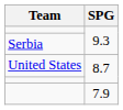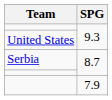 <table class=wikitable>
 <tr>
 <th>Team</th>
 <th>SPG</th>
 </tr>
 <tr>
 <td></td>
 <td align=center rowspan=2>9.3</td>
 </tr>
 <tr>
-<td> <a href='#'>Serbia</a></td>
+<td> <a href='#'>United States</a></td>
 </tr>
 <tr>
-<td> <a href='#'>United States</a></td>
+<td> <a href='#'>Serbia</a></td>
 <td align=center rowspan=2>8.7</td>
 </tr>
 <tr>
 <td></td>
 </tr>
 <tr>
 <td></td>
 <td align=center>7.9</td>
 </tr>
 </table>
